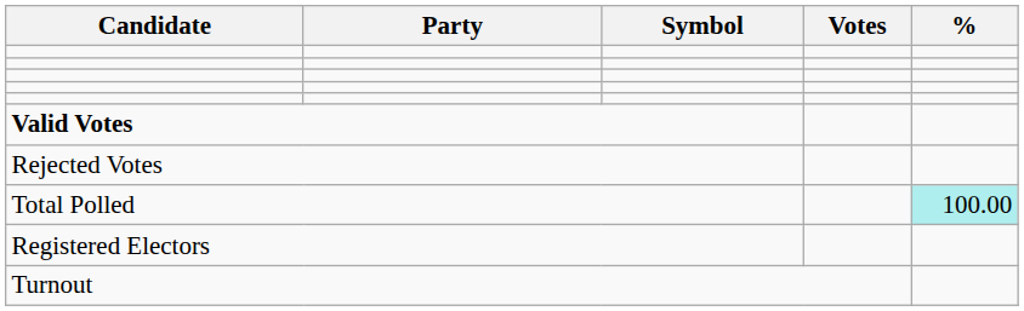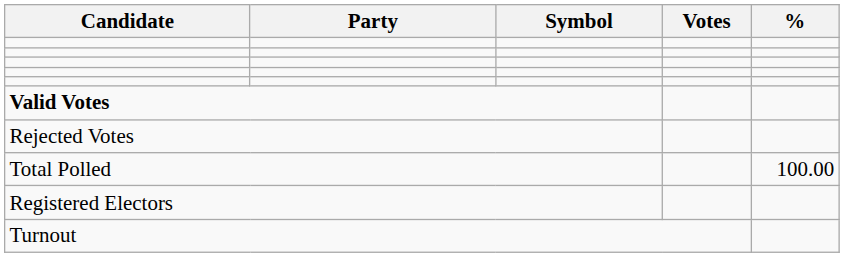 <table class="wikitable" border="1" style="text-align:right;">
 <tr>
 <th align=left width="180">Candidate</th>
 <th align=left width="180">Party</th>
 <th align=left width="120">Symbol</th>
 <th align=left width="60">Votes</th>
 <th align=left width="60">%</th>
 </tr>
 <tr>
 <td align=left></td>
 <td align=left></td>
 <td align=left></td>
 <td align=right></td>
 <td align=right></td>
 </tr>
 <tr>
 <td align=left></td>
 <td align=left></td>
 <td align=left></td>
 <td align=right></td>
 <td align=right></td>
 </tr>
 <tr>
 <td align=left></td>
 <td align=left></td>
 <td align=left></td>
 <td align=right></td>
 <td align=right></td>
 </tr>
 <tr>
 <td align=left></td>
 <td align=left></td>
 <td align=left></td>
 <td align=right></td>
 <td align=right></td>
 </tr>
 <tr>
 <td align=left></td>
 <td align=left></td>
 <td align=left></td>
 <td align=right></td>
 <td align=right></td>
 </tr>
 <tr>
 <td align=left colspan=3><strong>Valid Votes</strong></td>
 <td align=right><strong> </strong></td>
 <td align=right><strong> </strong></td>
 </tr>
 <tr>
 <td align=left colspan=3>Rejected Votes</td>
 <td align=right></td>
 <td align=right></td>
 </tr>
 <tr>
 <td align=left colspan=3>Total Polled</td>
 <td align=right></td>
-<td align=right style="background: paleturquoise;">100.00</td>
+<td align=right>100.00</td>
 </tr>
 <tr>
 <td align=left colspan=3>Registered Electors</td>
 <td align=right></td>
 <td></td>
 </tr>
 <tr>
 <td align=left colspan=4>Turnout</td>
 <td align=right></td>
 </tr>
 </table>
